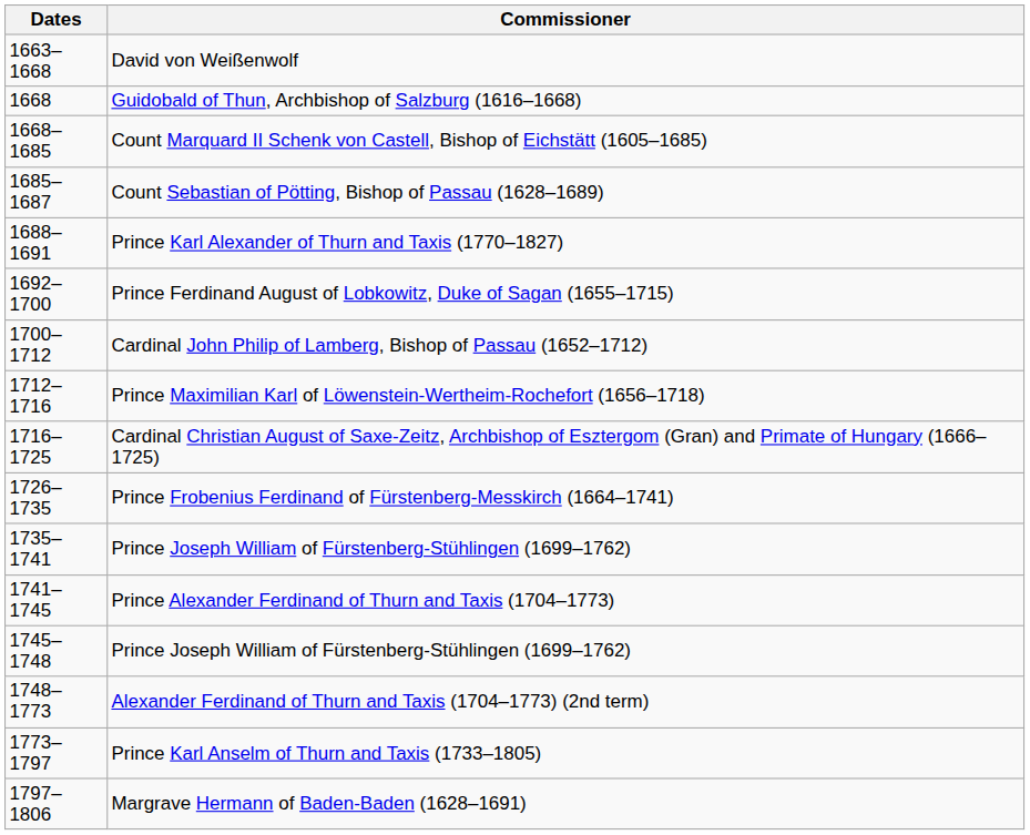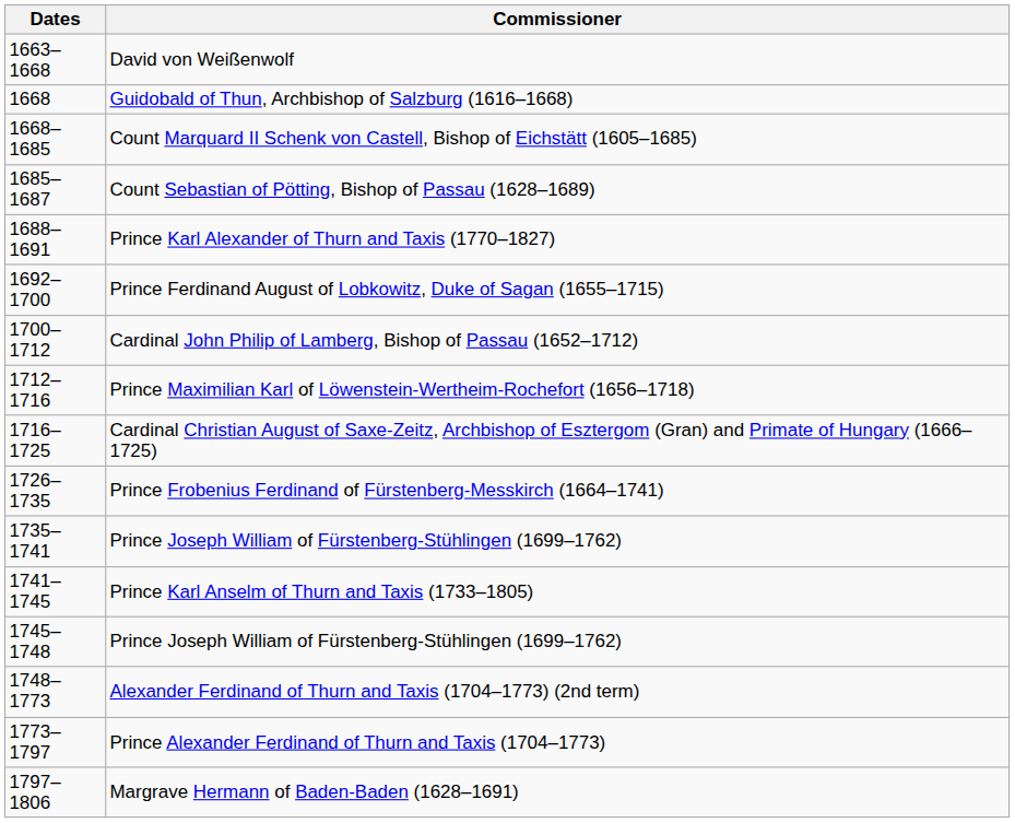 <table class="wikitable">
 <tr>
 <th>Dates</th>
 <th>Commissioner</th>
 </tr>
 <tr>
 <td>1663–1668</td>
 <td>David von Weißenwolf</td>
 </tr>
 <tr>
 <td>1668</td>
 <td><a href='#'>Guidobald of Thun</a>, Archbishop of <a href='#'>Salzburg</a> (1616–1668)</td>
 </tr>
 <tr>
 <td>1668–1685</td>
 <td>Count <a href='#'>Marquard II Schenk von Castell</a>, Bishop of <a href='#'>Eichstätt</a> (1605–1685)</td>
 </tr>
 <tr>
 <td>1685–1687</td>
 <td>Count <a href='#'>Sebastian of Pötting</a>, Bishop of <a href='#'>Passau</a> (1628–1689)</td>
 </tr>
 <tr>
 <td>1688–1691</td>
 <td>Prince <a href='#'>Karl Alexander of Thurn and Taxis</a> (1770–1827)</td>
 </tr>
 <tr>
 <td>1692–1700</td>
 <td>Prince Ferdinand August of <a href='#'>Lobkowitz</a>, <a href='#'>Duke of Sagan</a> (1655–1715)</td>
 </tr>
 <tr>
 <td>1700–1712</td>
 <td>Cardinal <a href='#'>John Philip of Lamberg</a>, Bishop of <a href='#'>Passau</a> (1652–1712)</td>
 </tr>
 <tr>
 <td>1712–1716</td>
 <td>Prince <a href='#'>Maximilian Karl</a> of <a href='#'>Löwenstein-Wertheim-Rochefort</a> (1656–1718)</td>
 </tr>
 <tr>
 <td>1716–1725</td>
 <td>Cardinal <a href='#'>Christian August of Saxe-Zeitz</a>, <a href='#'>Archbishop of Esztergom</a> (Gran) and <a href='#'>Primate of Hungary</a> (1666–1725)</td>
 </tr>
 <tr>
 <td>1726–1735</td>
 <td>Prince <a href='#'>Frobenius Ferdinand</a> of <a href='#'>Fürstenberg-Messkirch</a> (1664–1741)</td>
 </tr>
 <tr>
 <td>1735–1741</td>
 <td>Prince <a href='#'>Joseph William</a> of <a href='#'>Fürstenberg-Stühlingen</a> (1699–1762)</td>
 </tr>
 <tr>
 <td>1741–1745</td>
-<td>Prince <a href='#'>Alexander Ferdinand of Thurn and Taxis</a> (1704–1773)</td>
+<td>Prince <a href='#'>Karl Anselm of Thurn and Taxis</a> (1733–1805)</td>
 </tr>
 <tr>
 <td>1745–1748</td>
 <td>Prince Joseph William of Fürstenberg-Stühlingen (1699–1762)</td>
 </tr>
 <tr>
 <td>1748–1773</td>
 <td><a href='#'>Alexander Ferdinand of Thurn and Taxis</a> (1704–1773) (2nd term)</td>
 </tr>
 <tr>
 <td>1773–1797</td>
-<td>Prince <a href='#'>Karl Anselm of Thurn and Taxis</a> (1733–1805)</td>
+<td>Prince <a href='#'>Alexander Ferdinand of Thurn and Taxis</a> (1704–1773)</td>
 </tr>
 <tr>
 <td>1797–1806</td>
 <td>Margrave <a href='#'>Hermann</a> of <a href='#'>Baden-Baden</a> (1628–1691)</td>
 </tr>
 </table>
